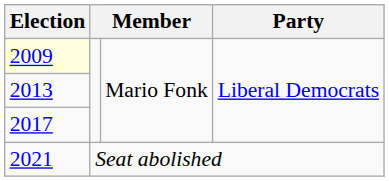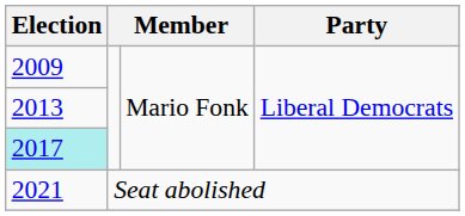 <table class="wikitable">
 <tr>
 <th>Election</th>
 <th colspan="2">Member</th>
 <th>Party</th>
 </tr>
 <tr>
-<td style="background: lightyellow;"><a href='#'>2009</a></td>
+<td><a href='#'>2009</a></td>
 <td rowspan="3" style="background-color: "></td>
 <td rowspan="3">Mario Fonk</td>
 <td rowspan="3"><a href='#'>Liberal Democrats</a></td>
 </tr>
 <tr>
 <td><a href='#'>2013</a></td>
 </tr>
 <tr>
-<td><a href='#'>2017</a></td>
+<td style="background: paleturquoise;"><a href='#'>2017</a></td>
 </tr>
 <tr>
 <td><a href='#'>2021</a></td>
 <td colspan="3"><em>Seat abolished</em></td>
 </tr>
 </table>
